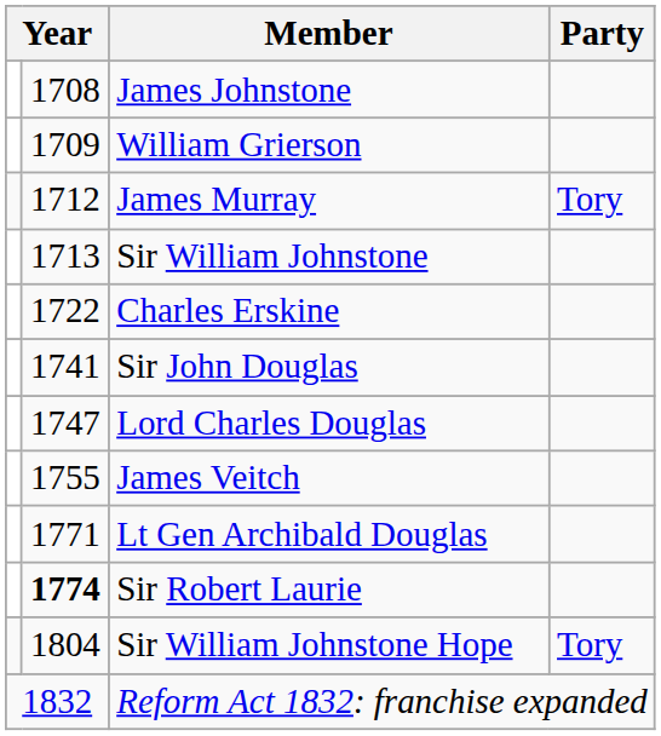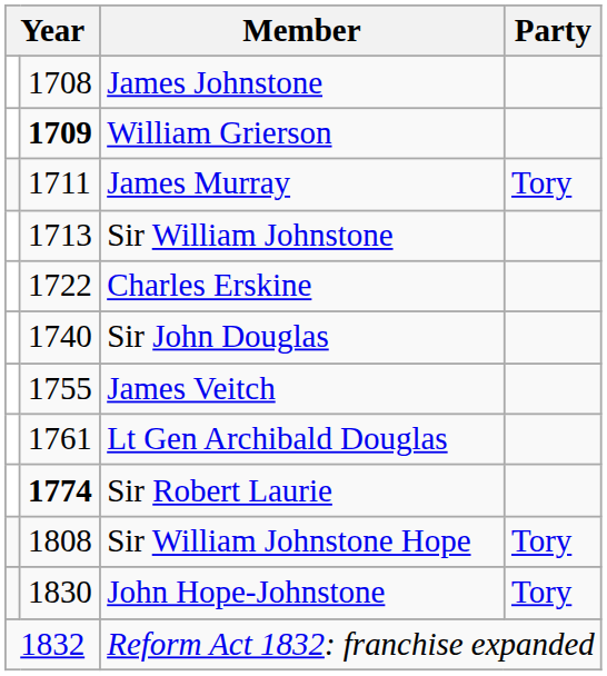 <table class="wikitable">
 <tr>
 <th colspan="2">Year</th>
 <th>Member</th>
 <th>Party</th>
 </tr>
 <tr>
 <td style="color:inherit;background-color: white"></td>
 <td>1708</td>
 <td><a href='#'>James Johnstone</a></td>
 <td></td>
 </tr>
 <tr>
 <td style="color:inherit;background-color: white"></td>
-<td>1709</td>
+<td><strong>1709</strong></td>
 <td><a href='#'>William Grierson</a></td>
 <td></td>
 </tr>
 <tr>
 <td style="color:inherit;background-color: "></td>
-<td>1712</td>
+<td>1711</td>
 <td><a href='#'>James Murray</a></td>
 <td><a href='#'>Tory</a></td>
 </tr>
 <tr>
 <td style="color:inherit;background-color: white"></td>
 <td>1713</td>
 <td>Sir <a href='#'>William Johnstone</a></td>
 <td></td>
 </tr>
 <tr>
 <td style="color:inherit;background-color: white"></td>
 <td>1722</td>
 <td><a href='#'>Charles Erskine</a></td>
 <td></td>
 </tr>
 <tr>
 <td style="color:inherit;background-color: white"></td>
-<td>1741</td>
+<td>1740</td>
 <td>Sir <a href='#'>John Douglas</a></td>
-<td></td>
-</tr>
-<tr>
-<td style="color:inherit;background-color: white"></td>
-<td>1747</td>
-<td><a href='#'>Lord Charles Douglas</a></td>
 <td></td>
 </tr>
 <tr>
 <td style="color:inherit;background-color: white"></td>
 <td>1755</td>
 <td><a href='#'>James Veitch</a></td>
 <td></td>
 </tr>
 <tr>
 <td style="color:inherit;background-color: white"></td>
-<td>1771</td>
+<td>1761</td>
 <td><a href='#'>Lt Gen Archibald Douglas</a></td>
 <td></td>
 </tr>
 <tr>
 <td style="color:inherit;background-color: white"></td>
 <td><strong>1774</strong></td>
 <td>Sir <a href='#'>Robert Laurie</a></td>
 <td></td>
 </tr>
 <tr>
 <td style="color:inherit;background-color: "></td>
-<td>1804</td>
+<td>1808</td>
 <td>Sir <a href='#'>William Johnstone Hope</a></td>
+<td><a href='#'>Tory</a></td>
+</tr>
+<tr>
+<td style="color:inherit;background-color: "></td>
+<td>1830</td>
+<td><a href='#'>John Hope-Johnstone</a></td>
 <td><a href='#'>Tory</a></td>
 </tr>
 <tr>
 <td colspan="2" align="center"><a href='#'>1832</a></td>
 <td colspan="2"><em><a href='#'>Reform Act 1832</a>: franchise expanded</em></td>
 </tr>
 </table>
